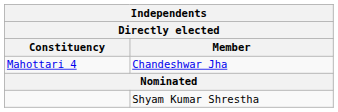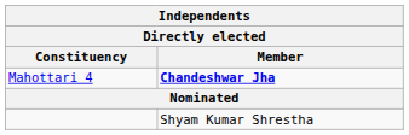 <table class="wikitable mw-collapsible mw-collapsed" role="presentation">
 <tr>
 <th colspan="2" style="width: 300pt; background:">Independents</th>
 </tr>
 <tr>
 <th colspan="2">Directly elected</th>
 </tr>
 <tr>
 <th>Constituency</th>
 <th>Member</th>
 </tr>
 <tr>
 <td><a href='#'>Mahottari 4</a></td>
-<td><a href='#'>Chandeshwar Jha</a></td>
+<td><strong><a href='#'>Chandeshwar Jha</a></strong></td>
 </tr>
 <tr>
 <th colspan="2">Nominated</th>
 </tr>
 <tr>
 <td></td>
 <td>Shyam Kumar Shrestha</td>
 </tr>
 </table>
